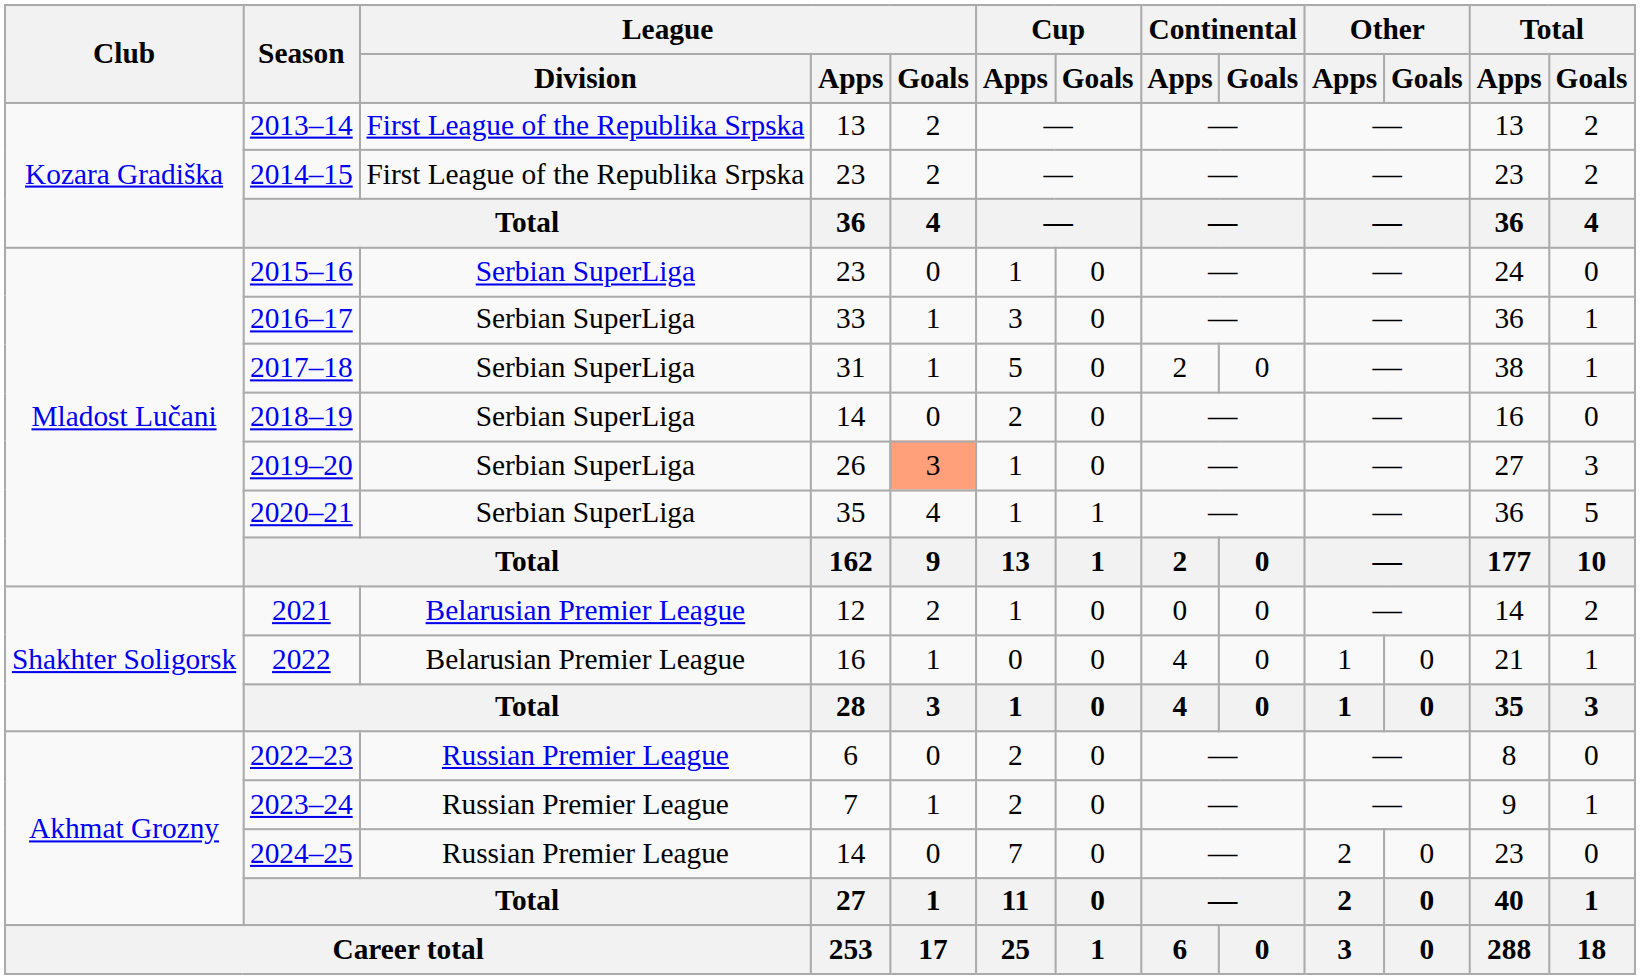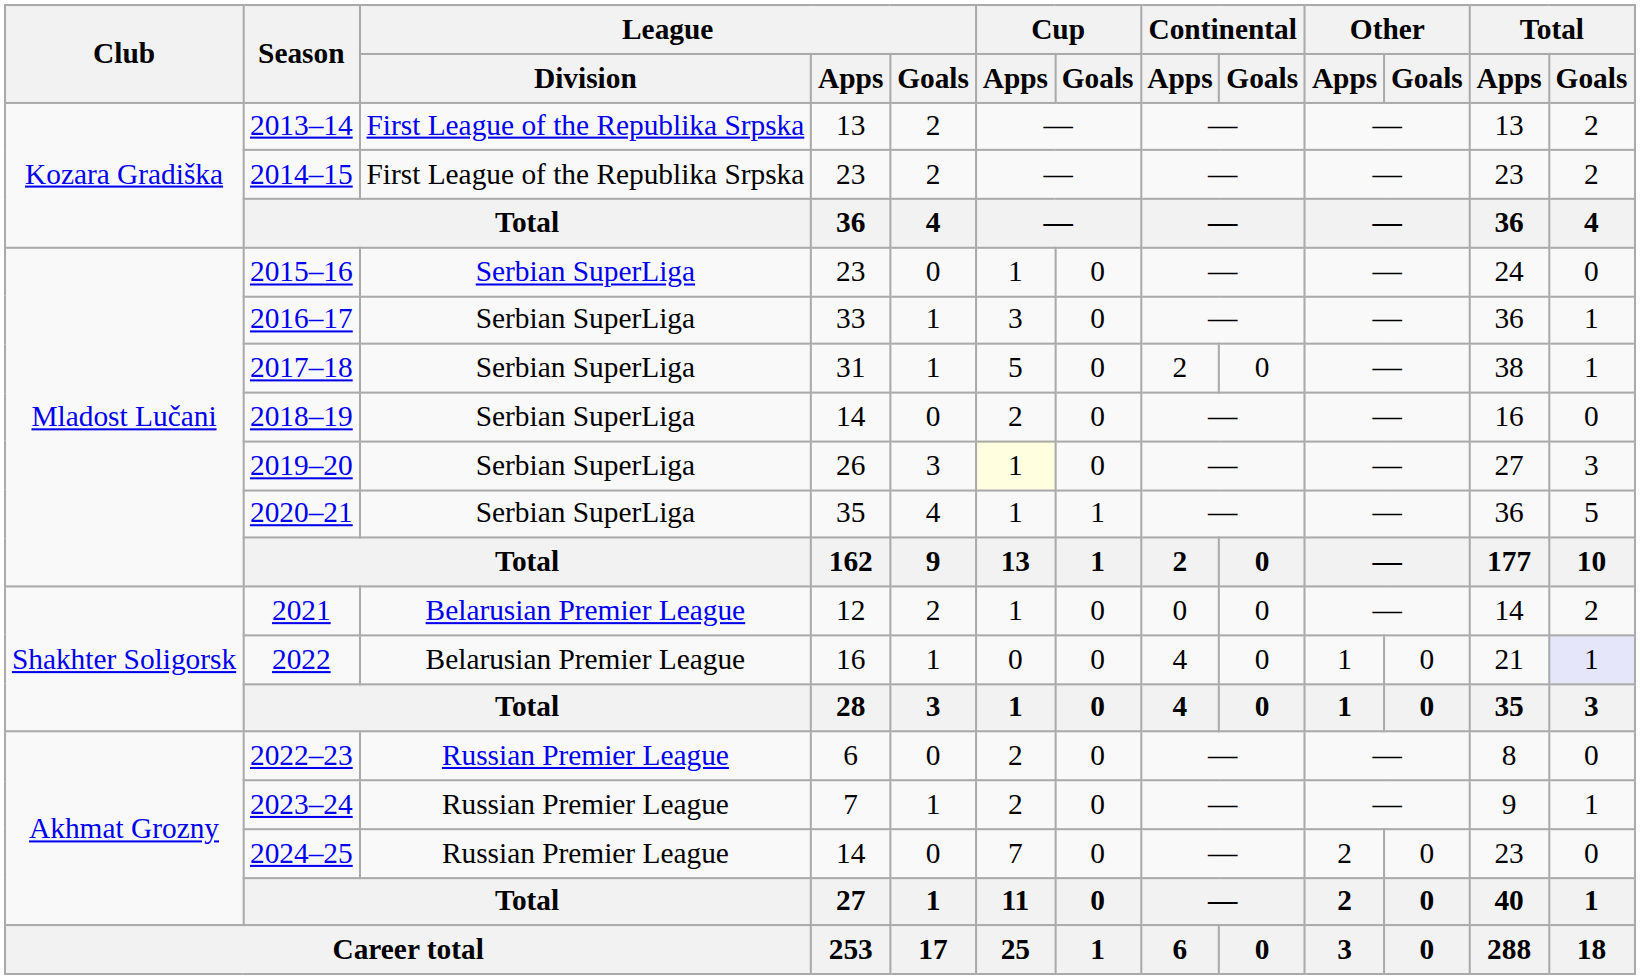 <table class="wikitable" style="text-align: center;font-size:90%">
 <tr>
 <th rowspan="2">Club</th>
 <th rowspan="2">Season</th>
 <th colspan="3">League</th>
 <th colspan="2">Cup</th>
 <th colspan="2">Continental</th>
 <th colspan="2">Other</th>
 <th colspan="2">Total</th>
 </tr>
 <tr>
 <th>Division</th>
 <th>Apps</th>
 <th>Goals</th>
 <th>Apps</th>
 <th>Goals</th>
 <th>Apps</th>
 <th>Goals</th>
 <th>Apps</th>
 <th>Goals</th>
 <th>Apps</th>
 <th>Goals</th>
 </tr>
 <tr>
 <td rowspan="3" valign="center"><a href='#'>Kozara Gradiška</a></td>
 <td><a href='#'>2013–14</a></td>
 <td><a href='#'>First League of the Republika Srpska</a></td>
 <td>13</td>
 <td>2</td>
 <td colspan="2">—</td>
 <td colspan="2">—</td>
 <td colspan="2">—</td>
 <td>13</td>
 <td>2</td>
 </tr>
 <tr>
 <td><a href='#'>2014–15</a></td>
 <td>First League of the Republika Srpska</td>
 <td>23</td>
 <td>2</td>
 <td colspan="2">—</td>
 <td colspan="2">—</td>
 <td colspan="2">—</td>
 <td>23</td>
 <td>2</td>
 </tr>
 <tr>
 <th colspan="2">Total</th>
 <th>36</th>
 <th>4</th>
 <th colspan="2">—</th>
 <th colspan="2">—</th>
 <th colspan="2">—</th>
 <th>36</th>
 <th>4</th>
 </tr>
 <tr>
 <td rowspan="7" valign="center"><a href='#'>Mladost Lučani</a></td>
 <td><a href='#'>2015–16</a></td>
 <td><a href='#'>Serbian SuperLiga</a></td>
 <td>23</td>
 <td>0</td>
 <td>1</td>
 <td>0</td>
 <td colspan="2">—</td>
 <td colspan="2">—</td>
 <td>24</td>
 <td>0</td>
 </tr>
 <tr>
 <td><a href='#'>2016–17</a></td>
 <td>Serbian SuperLiga</td>
 <td>33</td>
 <td>1</td>
 <td>3</td>
 <td>0</td>
 <td colspan="2">—</td>
 <td colspan="2">—</td>
 <td>36</td>
 <td>1</td>
 </tr>
 <tr>
 <td><a href='#'>2017–18</a></td>
 <td>Serbian SuperLiga</td>
 <td>31</td>
 <td>1</td>
 <td>5</td>
 <td>0</td>
 <td>2</td>
 <td>0</td>
 <td colspan="2">—</td>
 <td>38</td>
 <td>1</td>
 </tr>
 <tr>
 <td><a href='#'>2018–19</a></td>
 <td>Serbian SuperLiga</td>
 <td>14</td>
 <td>0</td>
 <td>2</td>
 <td>0</td>
 <td colspan="2">—</td>
 <td colspan="2">—</td>
 <td>16</td>
 <td>0</td>
 </tr>
 <tr>
 <td><a href='#'>2019–20</a></td>
 <td>Serbian SuperLiga</td>
 <td>26</td>
-<td style="background: lightsalmon;">3</td>
-<td>1</td>
+<td>3</td>
+<td style="background: lightyellow;">1</td>
 <td>0</td>
 <td colspan="2">—</td>
 <td colspan="2">—</td>
 <td>27</td>
 <td>3</td>
 </tr>
 <tr>
 <td><a href='#'>2020–21</a></td>
 <td>Serbian SuperLiga</td>
 <td>35</td>
 <td>4</td>
 <td>1</td>
 <td>1</td>
 <td colspan="2">—</td>
 <td colspan="2">—</td>
 <td>36</td>
 <td>5</td>
 </tr>
 <tr>
 <th colspan="2">Total</th>
 <th>162</th>
 <th>9</th>
 <th>13</th>
 <th>1</th>
 <th>2</th>
 <th>0</th>
 <th colspan="2">—</th>
 <th>177</th>
 <th>10</th>
 </tr>
 <tr>
 <td rowspan="3"><a href='#'>Shakhter Soligorsk</a></td>
 <td><a href='#'>2021</a></td>
 <td><a href='#'>Belarusian Premier League</a></td>
 <td>12</td>
 <td>2</td>
 <td>1</td>
 <td>0</td>
 <td>0</td>
 <td>0</td>
 <td colspan="2">—</td>
 <td>14</td>
 <td>2</td>
 </tr>
 <tr>
 <td><a href='#'>2022</a></td>
 <td>Belarusian Premier League</td>
 <td>16</td>
 <td>1</td>
 <td>0</td>
 <td>0</td>
 <td>4</td>
 <td>0</td>
 <td>1</td>
 <td>0</td>
 <td>21</td>
-<td>1</td>
+<td style="background: lavender;">1</td>
 </tr>
 <tr>
 <th colspan="2">Total</th>
 <th>28</th>
 <th>3</th>
 <th>1</th>
 <th>0</th>
 <th>4</th>
 <th>0</th>
 <th>1</th>
 <th>0</th>
 <th>35</th>
 <th>3</th>
 </tr>
 <tr>
 <td rowspan="4"><a href='#'>Akhmat Grozny</a></td>
 <td><a href='#'>2022–23</a></td>
 <td><a href='#'>Russian Premier League</a></td>
 <td>6</td>
 <td>0</td>
 <td>2</td>
 <td>0</td>
 <td colspan="2">—</td>
 <td colspan="2">—</td>
 <td>8</td>
 <td>0</td>
 </tr>
 <tr>
 <td><a href='#'>2023–24</a></td>
 <td>Russian Premier League</td>
 <td>7</td>
 <td>1</td>
 <td>2</td>
 <td>0</td>
 <td colspan="2">—</td>
 <td colspan="2">—</td>
 <td>9</td>
 <td>1</td>
 </tr>
 <tr>
 <td><a href='#'>2024–25</a></td>
 <td>Russian Premier League</td>
 <td>14</td>
 <td>0</td>
 <td>7</td>
 <td>0</td>
 <td colspan="2">—</td>
 <td>2</td>
 <td>0</td>
 <td>23</td>
 <td>0</td>
 </tr>
 <tr>
 <th colspan="2">Total</th>
 <th>27</th>
 <th>1</th>
 <th>11</th>
 <th>0</th>
 <th colspan="2">—</th>
 <th>2</th>
 <th>0</th>
 <th>40</th>
 <th>1</th>
 </tr>
 <tr>
 <th colspan="3">Career total</th>
 <th>253</th>
 <th>17</th>
 <th>25</th>
 <th>1</th>
 <th>6</th>
 <th>0</th>
 <th>3</th>
 <th>0</th>
 <th>288</th>
 <th>18</th>
 </tr>
 </table>
